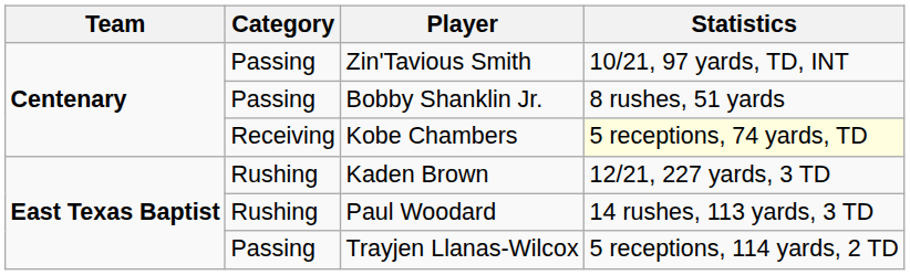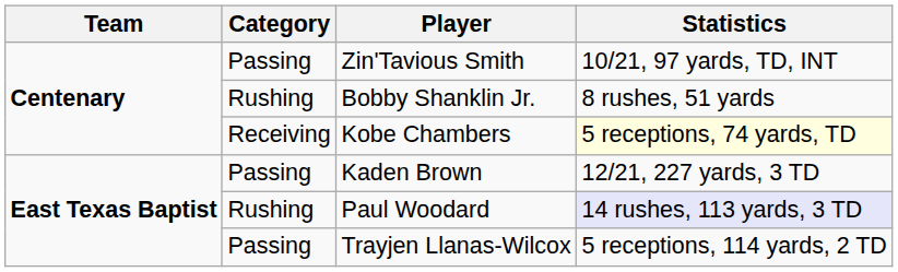 <table class="wikitable" style="float: left;">
 <tr>
 <th>Team</th>
 <th>Category</th>
 <th>Player</th>
 <th>Statistics</th>
 </tr>
 <tr>
 <td rowspan=3><strong>Centenary</strong></td>
 <td>Passing</td>
 <td>Zin'Tavious Smith</td>
 <td>10/21, 97 yards, TD, INT</td>
 </tr>
 <tr>
-<td>Passing</td>
+<td>Rushing</td>
 <td>Bobby Shanklin Jr.</td>
 <td>8 rushes, 51 yards</td>
 </tr>
 <tr>
 <td>Receiving</td>
 <td>Kobe Chambers</td>
 <td style="background: lightyellow;">5 receptions, 74 yards, TD</td>
 </tr>
 <tr>
 <td rowspan=3><strong>East Texas Baptist</strong></td>
-<td>Rushing</td>
+<td>Passing</td>
 <td>Kaden Brown</td>
 <td>12/21, 227 yards, 3 TD</td>
 </tr>
 <tr>
 <td>Rushing</td>
 <td>Paul Woodard</td>
-<td>14 rushes, 113 yards, 3 TD</td>
+<td style="background: lavender;">14 rushes, 113 yards, 3 TD</td>
 </tr>
 <tr>
 <td>Passing</td>
 <td>Trayjen Llanas-Wilcox</td>
 <td>5 receptions, 114 yards, 2 TD</td>
 </tr>
 </table>
